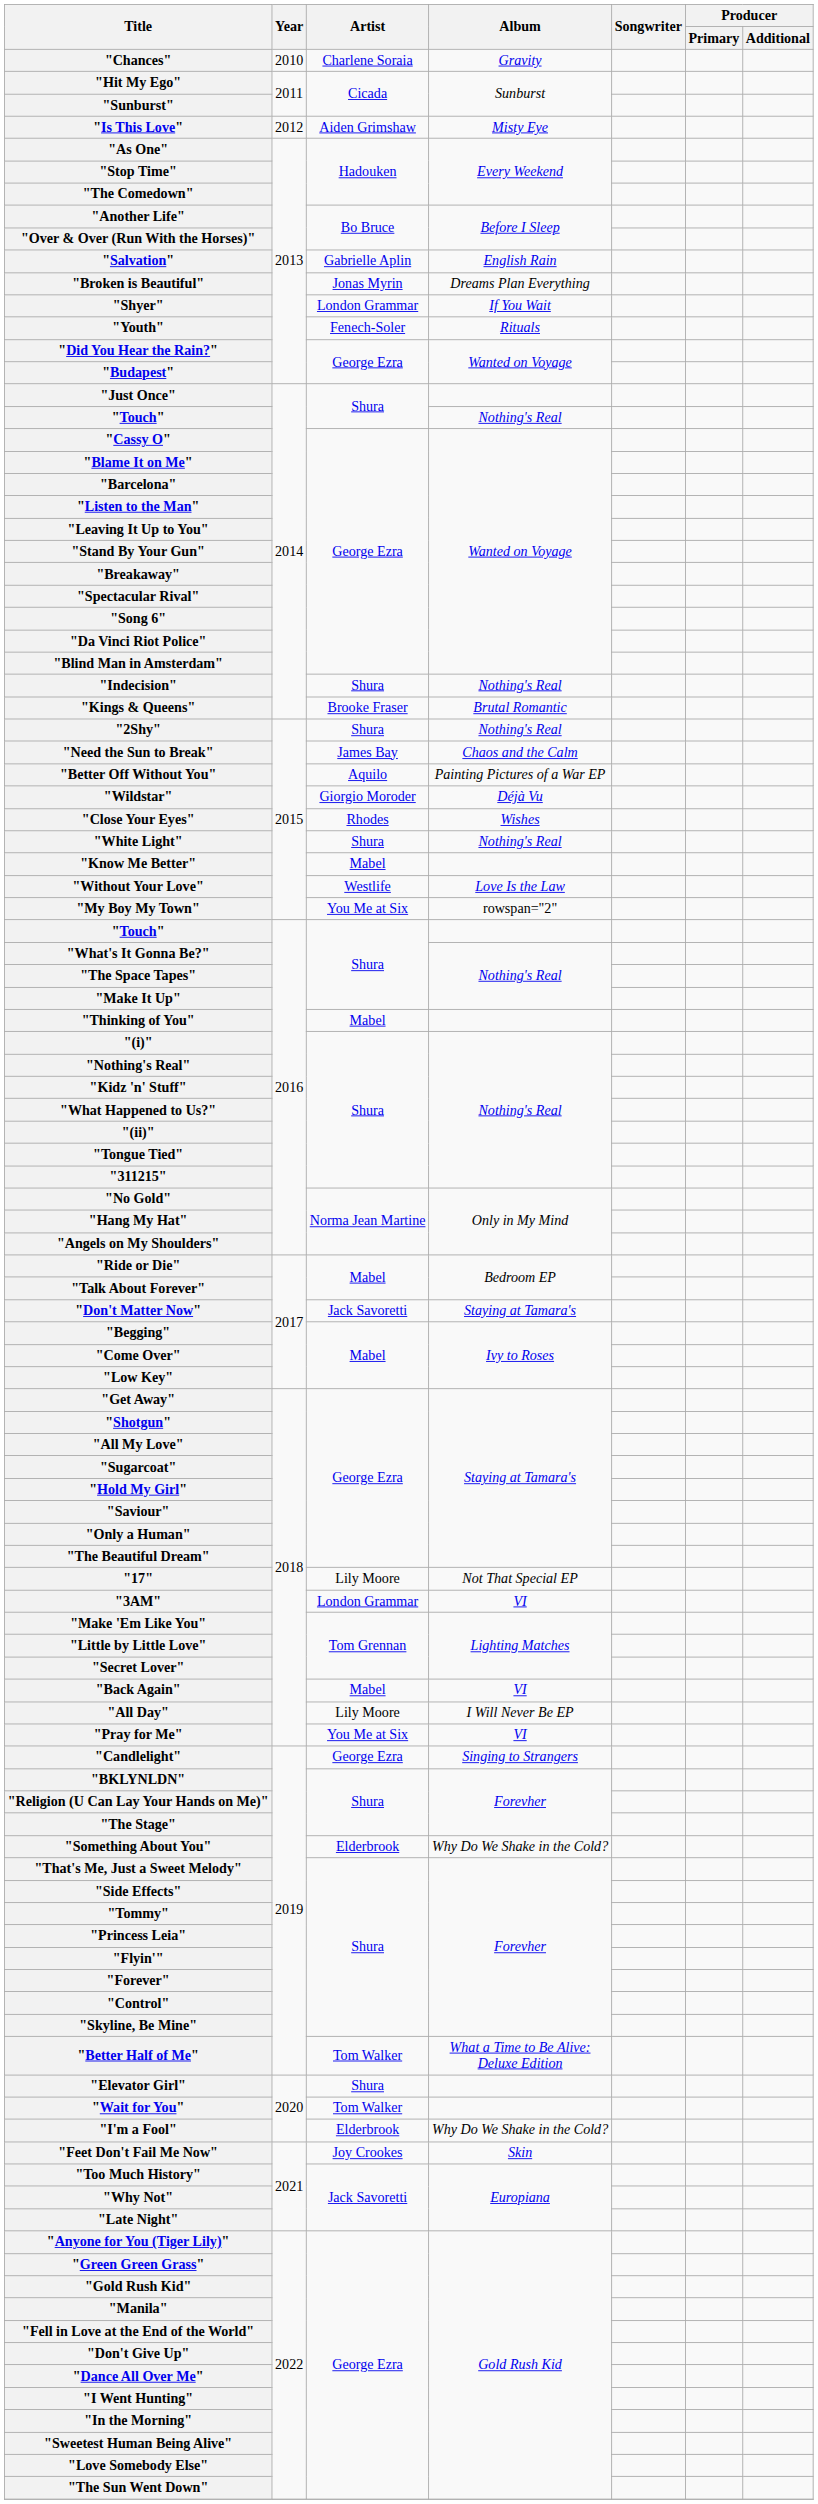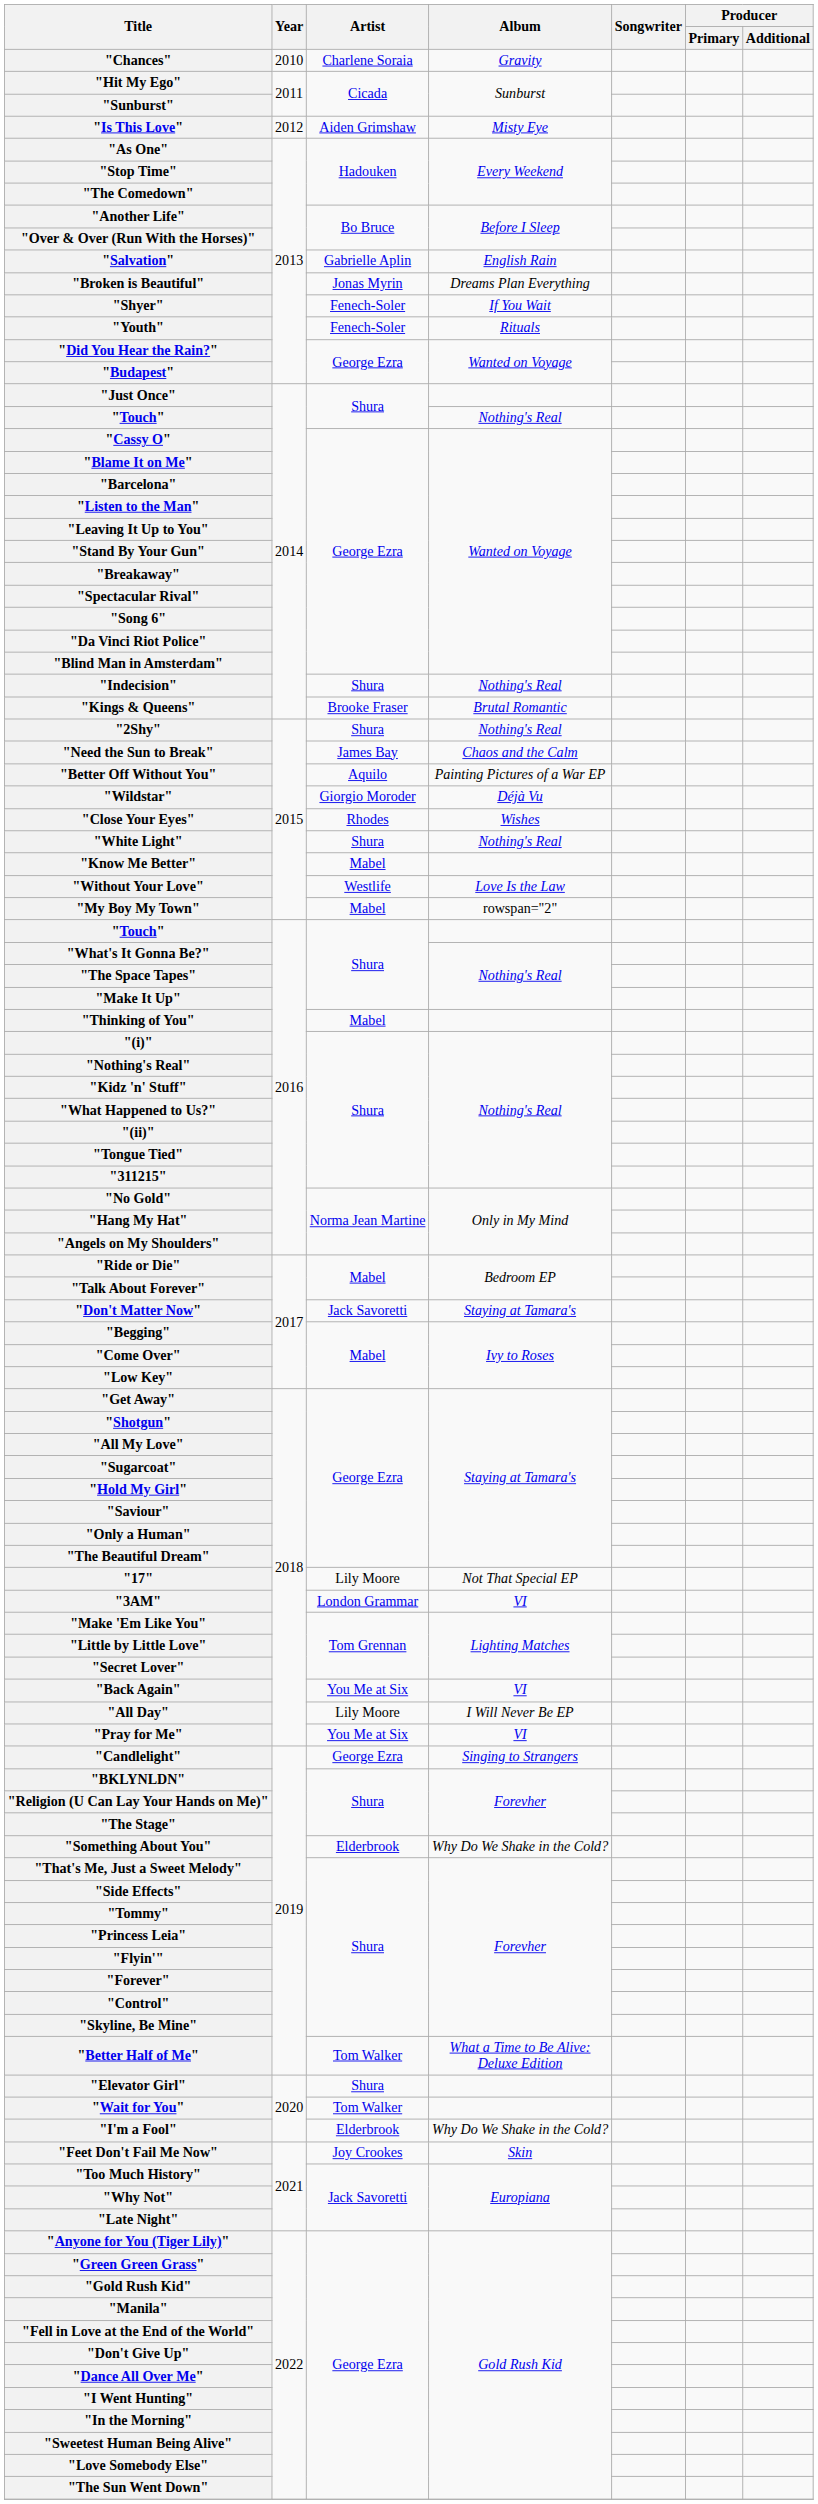 <table class="wikitable plainrowheaders" style="text-align:center;">
 <tr>
 <th scope="col" rowspan="2">Title</th>
 <th scope="col" rowspan="2">Year</th>
 <th scope="col" rowspan="2">Artist</th>
 <th scope="col" rowspan="2">Album</th>
 <th scope="col" rowspan="2">Songwriter</th>
 <th scope="col" colspan="2">Producer</th>
 </tr>
 <tr>
 <th scope="col">Primary</th>
 <th scope="col">Additional</th>
 </tr>
 <tr>
 <th scope="row">"Chances"</th>
 <td>2010</td>
 <td><a href='#'>Charlene Soraia</a></td>
 <td><em><a href='#'>Gravity</a></em></td>
 <td></td>
 <td></td>
 <td></td>
 </tr>
 <tr>
 <th scope="row">"Hit My Ego"<br></th>
 <td rowspan="2">2011</td>
 <td rowspan="2"><a href='#'>Cicada</a></td>
 <td rowspan="2"><em>Sunburst</em></td>
 <td></td>
 <td></td>
 <td></td>
 </tr>
 <tr>
 <th scope="row">"Sunburst"<br></th>
 <td></td>
 <td></td>
 <td></td>
 </tr>
 <tr>
 <th scope="row">"<a href='#'>Is This Love</a>"</th>
 <td>2012</td>
 <td><a href='#'>Aiden Grimshaw</a></td>
 <td><em><a href='#'>Misty Eye</a></em></td>
 <td></td>
 <td></td>
 <td></td>
 </tr>
 <tr>
 <th scope="row">"As One"</th>
 <td rowspan="11">2013</td>
 <td rowspan="3"><a href='#'>Hadouken</a></td>
 <td rowspan="3"><em><a href='#'>Every Weekend</a></em></td>
 <td></td>
 <td></td>
 <td></td>
 </tr>
 <tr>
 <th scope="row">"Stop Time"</th>
 <td></td>
 <td></td>
 <td></td>
 </tr>
 <tr>
 <th scope="row">"The Comedown"</th>
 <td></td>
 <td></td>
 <td></td>
 </tr>
 <tr>
 <th scope="row">"Another Life"</th>
 <td rowspan="2"><a href='#'>Bo Bruce</a></td>
 <td rowspan="2"><em><a href='#'>Before I Sleep</a></em></td>
 <td></td>
 <td></td>
 <td></td>
 </tr>
 <tr>
 <th scope="row">"Over & Over (Run With the Horses)"</th>
 <td></td>
 <td></td>
 <td></td>
 </tr>
 <tr>
 <th scope="row">"<a href='#'>Salvation</a>"</th>
 <td><a href='#'>Gabrielle Aplin</a></td>
 <td><em><a href='#'>English Rain</a></em></td>
 <td></td>
 <td></td>
 <td></td>
 </tr>
 <tr>
 <th scope="row">"Broken is Beautiful"</th>
 <td><a href='#'>Jonas Myrin</a></td>
 <td><em>Dreams Plan Everything</em></td>
 <td></td>
 <td></td>
 <td></td>
 </tr>
 <tr>
 <th scope="row">"Shyer"</th>
-<td><a href='#'>London Grammar</a></td>
+<td><a href='#'>Fenech-Soler</a></td>
 <td><em><a href='#'>If You Wait</a></em></td>
 <td></td>
 <td></td>
 <td></td>
 </tr>
 <tr>
 <th scope="row">"Youth"</th>
 <td><a href='#'>Fenech-Soler</a></td>
 <td><em><a href='#'>Rituals</a></em></td>
 <td></td>
 <td></td>
 <td></td>
 </tr>
 <tr>
 <th scope="row">"<a href='#'>Did You Hear the Rain?</a>"</th>
 <td rowspan="2"><a href='#'>George Ezra</a></td>
 <td rowspan="2"><em><a href='#'>Wanted on Voyage</a></em></td>
 <td></td>
 <td></td>
 <td></td>
 </tr>
 <tr>
 <th scope="row">"<a href='#'>Budapest</a>"</th>
 <td></td>
 <td></td>
 <td></td>
 </tr>
 <tr>
 <th scope="row">"Just Once"</th>
 <td rowspan="15">2014</td>
 <td rowspan="2"><a href='#'>Shura</a></td>
 <td></td>
 <td></td>
 <td></td>
 <td></td>
 </tr>
 <tr>
 <th scope="row">"<a href='#'>Touch</a>"</th>
 <td><em><a href='#'>Nothing's Real</a></em></td>
 <td></td>
 <td></td>
 <td></td>
 </tr>
 <tr>
 <th scope="row">"<a href='#'>Cassy O</a>"</th>
 <td rowspan="11"><a href='#'>George Ezra</a></td>
 <td rowspan="11"><em><a href='#'>Wanted on Voyage</a></em></td>
 <td></td>
 <td></td>
 <td></td>
 </tr>
 <tr>
 <th scope="row">"<a href='#'>Blame It on Me</a>"</th>
 <td></td>
 <td></td>
 <td></td>
 </tr>
 <tr>
 <th scope="row">"Barcelona"</th>
 <td></td>
 <td></td>
 <td></td>
 </tr>
 <tr>
 <th scope="row">"<a href='#'>Listen to the Man</a>"</th>
 <td></td>
 <td></td>
 <td></td>
 </tr>
 <tr>
 <th scope="row">"Leaving It Up to You"</th>
 <td></td>
 <td></td>
 <td></td>
 </tr>
 <tr>
 <th scope="row">"Stand By Your Gun"</th>
 <td></td>
 <td></td>
 <td></td>
 </tr>
 <tr>
 <th scope="row">"Breakaway"</th>
 <td></td>
 <td></td>
 <td></td>
 </tr>
 <tr>
 <th scope="row">"Spectacular Rival"</th>
 <td></td>
 <td></td>
 <td></td>
 </tr>
 <tr>
 <th scope="row">"Song 6"</th>
 <td></td>
 <td></td>
 <td></td>
 </tr>
 <tr>
 <th scope="row">"Da Vinci Riot Police"</th>
 <td></td>
 <td></td>
 <td></td>
 </tr>
 <tr>
 <th scope="row">"Blind Man in Amsterdam"</th>
 <td></td>
 <td></td>
 <td></td>
 </tr>
 <tr>
 <th scope="row">"Indecision"</th>
 <td><a href='#'>Shura</a></td>
 <td><em><a href='#'>Nothing's Real</a></em></td>
 <td></td>
 <td></td>
 <td></td>
 </tr>
 <tr>
 <th scope="row">"Kings & Queens"</th>
 <td><a href='#'>Brooke Fraser</a></td>
 <td><em><a href='#'>Brutal Romantic</a></em></td>
 <td></td>
 <td></td>
 <td></td>
 </tr>
 <tr>
 <th scope="row">"2Shy"</th>
 <td rowspan="9">2015</td>
 <td><a href='#'>Shura</a></td>
 <td><em><a href='#'>Nothing's Real</a></em></td>
 <td></td>
 <td></td>
 <td></td>
 </tr>
 <tr>
 <th scope="row">"Need the Sun to Break"</th>
 <td><a href='#'>James Bay</a></td>
 <td><em><a href='#'>Chaos and the Calm</a></em></td>
 <td></td>
 <td></td>
 <td></td>
 </tr>
 <tr>
 <th scope="row">"Better Off Without You"</th>
 <td><a href='#'>Aquilo</a></td>
 <td><em>Painting Pictures of a War EP</em></td>
 <td></td>
 <td></td>
 <td></td>
 </tr>
 <tr>
 <th scope="row">"Wildstar"<br></th>
 <td><a href='#'>Giorgio Moroder</a></td>
 <td><em><a href='#'>Déjà Vu</a></em></td>
 <td></td>
 <td></td>
 <td></td>
 </tr>
 <tr>
 <th scope="row">"Close Your Eyes"</th>
 <td><a href='#'>Rhodes</a></td>
 <td><em><a href='#'>Wishes</a></em></td>
 <td></td>
 <td></td>
 <td></td>
 </tr>
 <tr>
 <th scope="row">"White Light"</th>
 <td><a href='#'>Shura</a></td>
 <td><em><a href='#'>Nothing's Real</a></em></td>
 <td></td>
 <td></td>
 <td></td>
 </tr>
 <tr>
 <th scope="row">"Know Me Better"</th>
 <td><a href='#'>Mabel</a></td>
 <td></td>
 <td></td>
 <td></td>
 <td></td>
 </tr>
 <tr>
 <th scope="row">"Without Your Love"</th>
 <td><a href='#'>Westlife</a></td>
 <td><em><a href='#'>Love Is the Law</a></em></td>
 <td></td>
 <td></td>
 <td></td>
 </tr>
 <tr>
 <th scope="row">"My Boy My Town"</th>
-<td><a href='#'>You Me at Six</a></td>
+<td><a href='#'>Mabel</a></td>
 <td>rowspan="2" </td>
 <td></td>
 <td></td>
 <td></td>
 </tr>
 <tr>
 <th scope="row">"<a href='#'>Touch</a>"<br></th>
 <td rowspan="15">2016</td>
 <td rowspan="4"><a href='#'>Shura</a></td>
 <td></td>
 <td></td>
 <td></td>
 </tr>
 <tr>
 <th scope="row">"What's It Gonna Be?"</th>
 <td rowspan="3"><em><a href='#'>Nothing's Real</a></em></td>
 <td></td>
 <td></td>
 <td></td>
 </tr>
 <tr>
 <th scope="row">"The Space Tapes"</th>
 <td></td>
 <td></td>
 <td></td>
 </tr>
 <tr>
 <th scope="row">"Make It Up"</th>
 <td></td>
 <td></td>
 <td></td>
 </tr>
 <tr>
 <th scope="row">"Thinking of You"</th>
 <td><a href='#'>Mabel</a></td>
 <td></td>
 <td></td>
 <td></td>
 <td></td>
 </tr>
 <tr>
 <th scope="row">"(i)"</th>
 <td rowspan="7"><a href='#'>Shura</a></td>
 <td rowspan="7"><em><a href='#'>Nothing's Real</a></em></td>
 <td></td>
 <td></td>
 <td></td>
 </tr>
 <tr>
 <th scope="row">"Nothing's Real"</th>
 <td></td>
 <td></td>
 <td></td>
 </tr>
 <tr>
 <th scope="row">"Kidz 'n' Stuff"</th>
 <td></td>
 <td></td>
 <td></td>
 </tr>
 <tr>
 <th scope="row">"What Happened to Us?"</th>
 <td></td>
 <td></td>
 <td></td>
 </tr>
 <tr>
 <th scope="row">"(ii)"</th>
 <td></td>
 <td></td>
 <td></td>
 </tr>
 <tr>
 <th scope="row">"Tongue Tied"</th>
 <td></td>
 <td></td>
 <td></td>
 </tr>
 <tr>
 <th scope="row">"311215"</th>
 <td></td>
 <td></td>
 <td></td>
 </tr>
 <tr>
 <th scope="row">"No Gold"</th>
 <td rowspan="3"><a href='#'>Norma Jean Martine</a></td>
 <td rowspan="3"><em>Only in My Mind</em></td>
 <td></td>
 <td></td>
 <td></td>
 </tr>
 <tr>
 <th scope="row">"Hang My Hat"</th>
 <td></td>
 <td></td>
 <td></td>
 </tr>
 <tr>
 <th scope="row">"Angels on My Shoulders"</th>
 <td></td>
 <td></td>
 <td></td>
 </tr>
 <tr>
 <th scope="row">"Ride or Die"</th>
 <td rowspan="6">2017</td>
 <td rowspan="2"><a href='#'>Mabel</a></td>
 <td rowspan="2"><em>Bedroom EP</em></td>
 <td></td>
 <td></td>
 <td></td>
 </tr>
 <tr>
 <th scope="row">"Talk About Forever"</th>
 <td></td>
 <td></td>
 <td></td>
 </tr>
 <tr>
 <th scope="row">"<a href='#'>Don't Matter Now</a>"</th>
 <td><a href='#'>Jack Savoretti</a></td>
 <td><em><a href='#'>Staying at Tamara's</a></em></td>
 <td></td>
 <td></td>
 <td></td>
 </tr>
 <tr>
 <th scope="row">"Begging"</th>
 <td rowspan="3"><a href='#'>Mabel</a></td>
 <td rowspan="3"><em><a href='#'>Ivy to Roses</a></em></td>
 <td></td>
 <td></td>
 <td></td>
 </tr>
 <tr>
 <th scope="row">"Come Over"</th>
 <td></td>
 <td></td>
 <td></td>
 </tr>
 <tr>
 <th scope="row">"Low Key"</th>
 <td></td>
 <td></td>
 <td></td>
 </tr>
 <tr>
 <th scope="row">"Get Away"</th>
 <td rowspan="16">2018</td>
 <td rowspan="8"><a href='#'>George Ezra</a></td>
 <td rowspan="8"><em><a href='#'>Staying at Tamara's</a></em></td>
 <td></td>
 <td></td>
 <td></td>
 </tr>
 <tr>
 <th scope="row">"<a href='#'>Shotgun</a>"</th>
 <td></td>
 <td></td>
 <td></td>
 </tr>
 <tr>
 <th scope="row">"All My Love"</th>
 <td></td>
 <td></td>
 <td></td>
 </tr>
 <tr>
 <th scope="row">"Sugarcoat"</th>
 <td></td>
 <td></td>
 <td></td>
 </tr>
 <tr>
 <th scope="row">"<a href='#'>Hold My Girl</a>"</th>
 <td></td>
 <td></td>
 <td></td>
 </tr>
 <tr>
 <th scope="row">"Saviour"<br></th>
 <td></td>
 <td></td>
 <td></td>
 </tr>
 <tr>
 <th scope="row">"Only a Human"</th>
 <td></td>
 <td></td>
 <td></td>
 </tr>
 <tr>
 <th scope="row">"The Beautiful Dream"</th>
 <td></td>
 <td></td>
 <td></td>
 </tr>
 <tr>
 <th scope="row">"17"</th>
 <td>Lily Moore</td>
 <td><em>Not That Special EP</em></td>
 <td></td>
 <td></td>
 <td></td>
 </tr>
 <tr>
 <th scope="row">"3AM"</th>
 <td><a href='#'>London Grammar</a></td>
 <td><em><a href='#'>VI</a></em></td>
 <td></td>
 <td></td>
 <td></td>
 </tr>
 <tr>
 <th scope="row">"Make 'Em Like You"</th>
 <td rowspan="3"><a href='#'>Tom Grennan</a></td>
 <td rowspan="3"><em><a href='#'>Lighting Matches</a></em></td>
 <td></td>
 <td></td>
 <td></td>
 </tr>
 <tr>
 <th scope="row">"Little by Little Love"</th>
 <td></td>
 <td></td>
 <td></td>
 </tr>
 <tr>
 <th scope="row">"Secret Lover"</th>
 <td></td>
 <td></td>
 <td></td>
 </tr>
 <tr>
 <th scope="row">"Back Again"</th>
-<td><a href='#'>Mabel</a></td>
+<td><a href='#'>You Me at Six</a></td>
 <td><em><a href='#'>VI</a></em></td>
 <td></td>
 <td></td>
 <td></td>
 </tr>
 <tr>
 <th scope="row">"All Day"</th>
 <td>Lily Moore</td>
 <td><em>I Will Never Be EP</em></td>
 <td></td>
 <td></td>
 <td></td>
 </tr>
 <tr>
 <th scope="row">"Pray for Me"</th>
 <td><a href='#'>You Me at Six</a></td>
 <td><em><a href='#'>VI</a></em></td>
 <td></td>
 <td></td>
 <td></td>
 </tr>
 <tr>
 <th scope="row">"Candlelight"</th>
 <td rowspan="14">2019</td>
 <td><a href='#'>George Ezra</a></td>
 <td><em><a href='#'>Singing to Strangers</a></em></td>
 <td></td>
 <td></td>
 <td></td>
 </tr>
 <tr>
 <th scope="row">"BKLYNLDN"</th>
 <td rowspan="3"><a href='#'>Shura</a></td>
 <td rowspan="3"><em><a href='#'>Forevher</a></em></td>
 <td></td>
 <td></td>
 <td></td>
 </tr>
 <tr>
 <th scope="row">"Religion (U Can Lay Your Hands on Me)"</th>
 <td></td>
 <td></td>
 <td></td>
 </tr>
 <tr>
 <th scope="row">"The Stage"</th>
 <td></td>
 <td></td>
 <td></td>
 </tr>
 <tr>
 <th scope="row">"Something About You"<br></th>
 <td><a href='#'>Elderbrook</a></td>
 <td><em>Why Do We Shake in the Cold?</em></td>
 <td></td>
 <td></td>
 <td></td>
 </tr>
 <tr>
 <th scope="row">"That's Me, Just a Sweet Melody"</th>
 <td rowspan="8"><a href='#'>Shura</a></td>
 <td rowspan="8"><em><a href='#'>Forevher</a></em></td>
 <td></td>
 <td></td>
 <td></td>
 </tr>
 <tr>
 <th scope="row">"Side Effects"</th>
 <td></td>
 <td></td>
 <td></td>
 </tr>
 <tr>
 <th scope="row">"Tommy"</th>
 <td></td>
 <td></td>
 <td></td>
 </tr>
 <tr>
 <th scope="row">"Princess Leia"</th>
 <td></td>
 <td></td>
 <td></td>
 </tr>
 <tr>
 <th scope="row">"Flyin'"</th>
 <td></td>
 <td></td>
 <td></td>
 </tr>
 <tr>
 <th scope="row">"Forever"</th>
 <td></td>
 <td></td>
 <td></td>
 </tr>
 <tr>
 <th scope="row">"Control"</th>
 <td></td>
 <td></td>
 <td></td>
 </tr>
 <tr>
 <th scope="row">"Skyline, Be Mine"</th>
 <td></td>
 <td></td>
 <td></td>
 </tr>
 <tr>
 <th scope="row">"<a href='#'>Better Half of Me</a>"</th>
 <td><a href='#'>Tom Walker</a></td>
 <td><em><a href='#'>What a Time to Be Alive:<br>Deluxe Edition</a></em></td>
 <td></td>
 <td></td>
 <td></td>
 </tr>
 <tr>
 <th scope="row">"Elevator Girl"<br></th>
 <td rowspan="3">2020</td>
 <td><a href='#'>Shura</a></td>
 <td></td>
 <td></td>
 <td></td>
 <td></td>
 </tr>
 <tr>
 <th scope="row">"<a href='#'>Wait for You</a>"</th>
 <td><a href='#'>Tom Walker</a></td>
 <td></td>
 <td></td>
 <td></td>
 <td></td>
 </tr>
 <tr>
 <th scope="row">"I'm a Fool"</th>
 <td><a href='#'>Elderbrook</a></td>
 <td><em>Why Do We Shake in the Cold?</em></td>
 <td></td>
 <td></td>
 <td></td>
 </tr>
 <tr>
 <th scope="row">"Feet Don't Fail Me Now"</th>
 <td rowspan="4">2021</td>
 <td><a href='#'>Joy Crookes</a></td>
 <td><em><a href='#'>Skin</a></em></td>
 <td></td>
 <td></td>
 <td></td>
 </tr>
 <tr>
 <th scope="row">"Too Much History"</th>
 <td rowspan="3"><a href='#'>Jack Savoretti</a></td>
 <td rowspan="3"><em><a href='#'>Europiana</a></em></td>
 <td></td>
 <td></td>
 <td></td>
 </tr>
 <tr>
 <th scope="row">"Why Not"</th>
 <td></td>
 <td></td>
 <td></td>
 </tr>
 <tr>
 <th scope="row">"Late Night"</th>
 <td></td>
 <td></td>
 <td></td>
 </tr>
 <tr>
 <th scope="row">"<a href='#'>Anyone for You (Tiger Lily)</a>"</th>
 <td rowspan="12">2022</td>
 <td rowspan="12"><a href='#'>George Ezra</a></td>
 <td rowspan="12"><em><a href='#'>Gold Rush Kid</a></em></td>
 <td></td>
 <td></td>
 <td></td>
 </tr>
 <tr>
 <th scope="row">"<a href='#'>Green Green Grass</a>"</th>
 <td></td>
 <td></td>
 <td></td>
 </tr>
 <tr>
 <th scope="row">"Gold Rush Kid"</th>
 <td></td>
 <td></td>
 <td></td>
 </tr>
 <tr>
 <th scope="row">"Manila"</th>
 <td></td>
 <td></td>
 <td></td>
 </tr>
 <tr>
 <th scope="row">"Fell in Love at the End of the World"</th>
 <td></td>
 <td></td>
 <td></td>
 </tr>
 <tr>
 <th scope="row">"Don't Give Up"</th>
 <td></td>
 <td></td>
 <td></td>
 </tr>
 <tr>
 <th scope="row">"<a href='#'>Dance All Over Me</a>"</th>
 <td></td>
 <td></td>
 <td></td>
 </tr>
 <tr>
 <th scope="row">"I Went Hunting"</th>
 <td></td>
 <td></td>
 <td></td>
 </tr>
 <tr>
 <th scope="row">"In the Morning"</th>
 <td></td>
 <td></td>
 <td></td>
 </tr>
 <tr>
 <th scope="row">"Sweetest Human Being Alive"</th>
 <td></td>
 <td></td>
 <td></td>
 </tr>
 <tr>
 <th scope="row">"Love Somebody Else"</th>
 <td></td>
 <td></td>
 <td></td>
 </tr>
 <tr>
 <th scope="row">"The Sun Went Down"</th>
 <td></td>
 <td></td>
 <td></td>
 </tr>
 <tr>
 </tr>
 </table>
